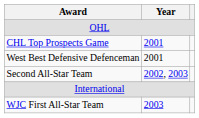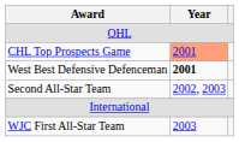 <table class="wikitable">
 <tr>
 <th>Award</th>
 <th>Year</th>
 <th></th>
 </tr>
 <tr ALIGN="center" bgcolor="#e0e0e0">
 <td colspan="3"><a href='#'>OHL</a></td>
 </tr>
 <tr>
 <td><a href='#'>CHL Top Prospects Game</a></td>
-<td><a href='#'>2001</a></td>
+<td style="background: lightsalmon;"><a href='#'>2001</a></td>
 <td></td>
 </tr>
 <tr>
 <td>West Best Defensive Defenceman</td>
-<td>2001</td>
+<td><strong>2001</strong></td>
 <td></td>
 </tr>
 <tr>
 <td>Second All-Star Team</td>
 <td><a href='#'>2002</a>, <a href='#'>2003</a></td>
 <td></td>
 </tr>
 <tr ALIGN="center" bgcolor="#e0e0e0">
 <td colspan="3"><a href='#'>International</a></td>
 </tr>
 <tr>
 <td><a href='#'>WJC</a> First All-Star Team</td>
 <td><a href='#'>2003</a></td>
 <td></td>
 </tr>
 </table>
